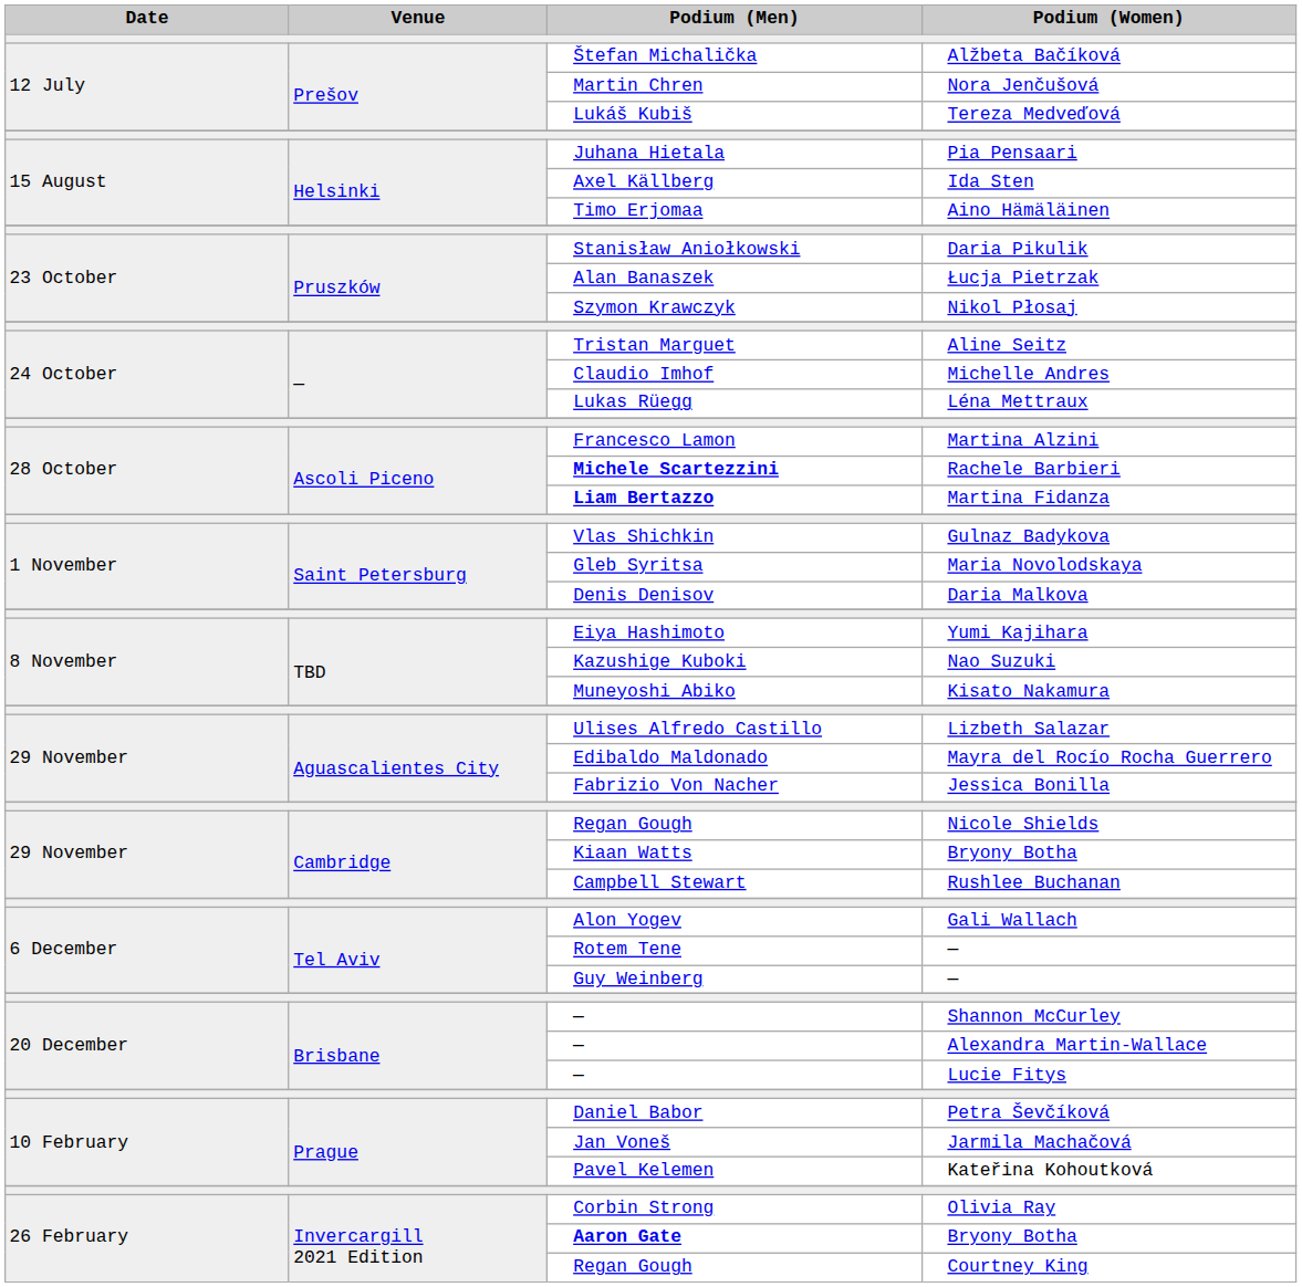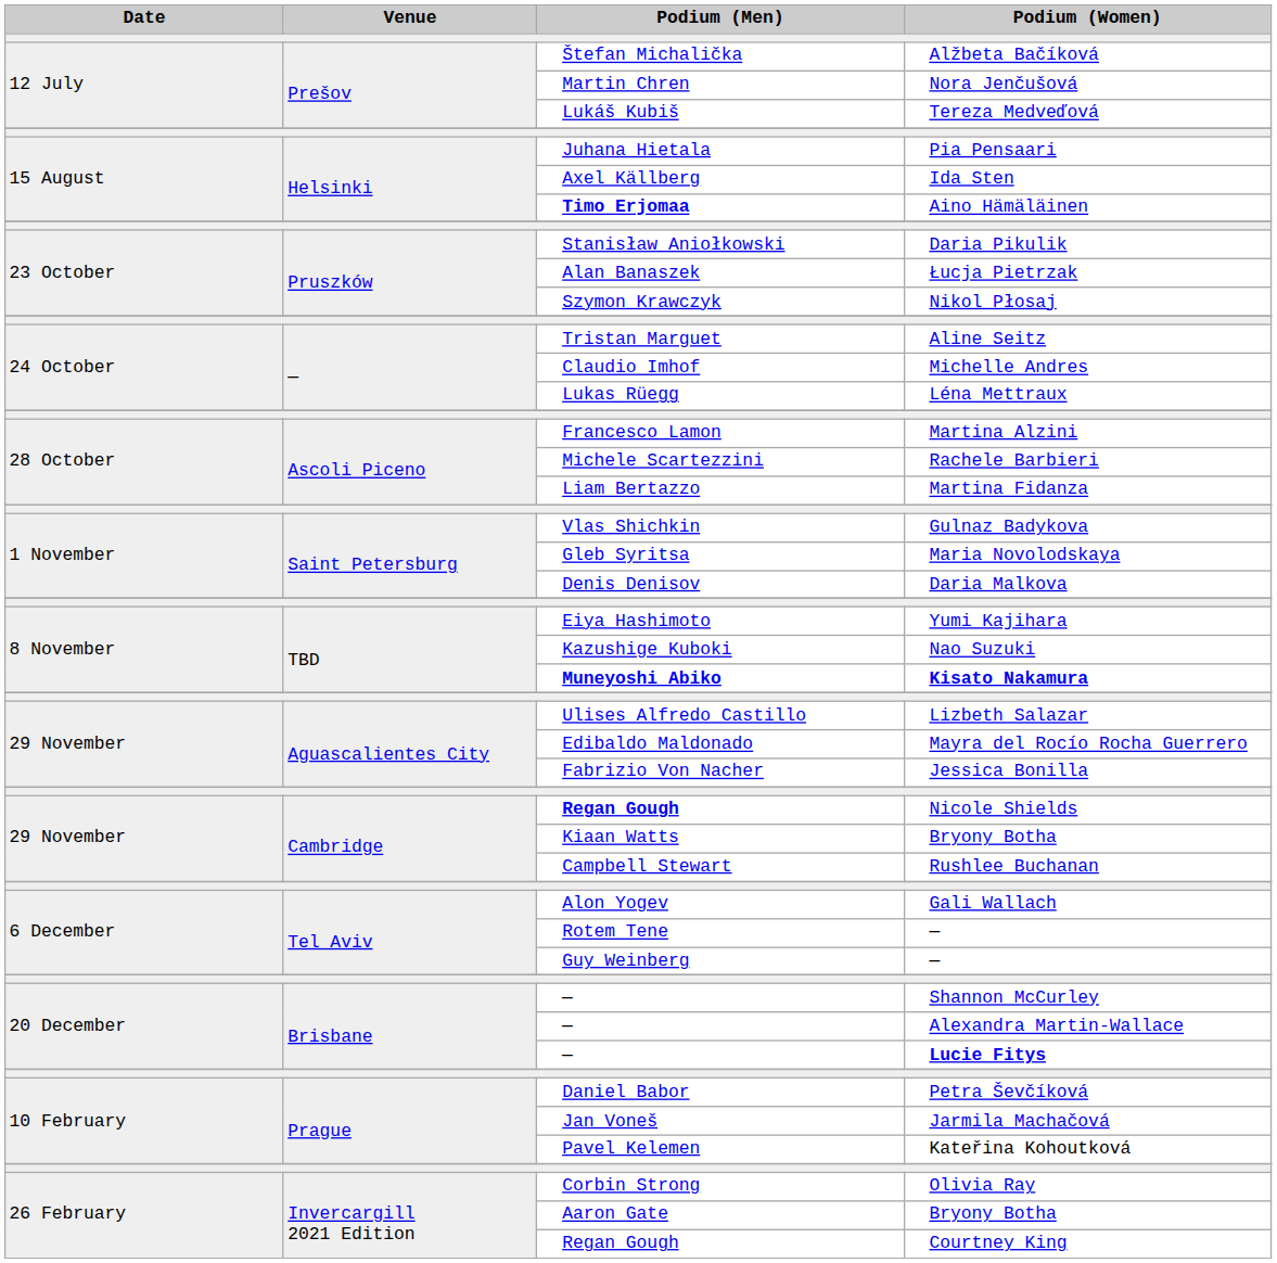 <table class="wikitable" width=70% bgcolor="#f7f8ff" cellpadding="3" cellspacing="0" border="1" style="font-size: 95%; border: gray solid 1px; border-collapse: collapse;">
 <tr bgcolor="#CCCCCC">
 <td align="center"><strong>Date</strong></td>
 <td width=20% align="center"><strong>Venue</strong></td>
 <td width=29% align="center"><strong>Podium (Men)</strong></td>
 <td width=29% align="center"><strong>Podium (Women)</strong></td>
 </tr>
 <tr bgcolor="#EFEFEF">
 <td colspan=4></td>
 </tr>
 <tr bgcolor="#EFEFEF">
 <td rowspan=3>12 July</td>
 <td rowspan=3><br><a href='#'>Prešov</a></td>
 <td bgcolor="#ffffff">   <a href='#'>Štefan Michalička</a></td>
 <td bgcolor="#ffffff">   <a href='#'>Alžbeta Bačíková</a></td>
 </tr>
 <tr>
 <td bgcolor="#ffffff">   <a href='#'>Martin Chren</a></td>
 <td bgcolor="#ffffff">   <a href='#'>Nora Jenčušová</a></td>
 </tr>
 <tr>
 <td bgcolor="#ffffff">   <a href='#'>Lukáš Kubiš</a></td>
 <td bgcolor="#ffffff">   <a href='#'>Tereza Medveďová</a></td>
 </tr>
 <tr>
 </tr>
 <tr bgcolor="#EFEFEF">
 <td colspan=4></td>
 </tr>
 <tr bgcolor="#EFEFEF">
 <td rowspan=3>15 August</td>
 <td rowspan=3><br><a href='#'>Helsinki</a></td>
 <td bgcolor="#ffffff">   <a href='#'>Juhana Hietala</a></td>
 <td bgcolor="#ffffff">   <a href='#'>Pia Pensaari</a></td>
 </tr>
 <tr>
 <td bgcolor="#ffffff">   <a href='#'>Axel Källberg</a></td>
 <td bgcolor="#ffffff">   <a href='#'>Ida Sten</a></td>
 </tr>
 <tr>
-<td bgcolor="#ffffff">   <a href='#'>Timo Erjomaa</a></td>
+<td bgcolor="#ffffff"><strong>   <a href='#'>Timo Erjomaa</a></strong></td>
 <td bgcolor="#ffffff">   <a href='#'>Aino Hämäläinen</a></td>
 </tr>
 <tr>
 </tr>
 <tr bgcolor="#EFEFEF">
 <td colspan=4></td>
 </tr>
 <tr bgcolor="#EFEFEF">
 <td rowspan=3>23 October</td>
 <td rowspan=3><br><a href='#'>Pruszków</a></td>
 <td bgcolor="#ffffff">   <a href='#'>Stanisław Aniołkowski</a></td>
 <td bgcolor="#ffffff">   <a href='#'>Daria Pikulik</a></td>
 </tr>
 <tr>
 <td bgcolor="#ffffff">   <a href='#'>Alan Banaszek</a></td>
 <td bgcolor="#ffffff">   <a href='#'>Łucja Pietrzak</a></td>
 </tr>
 <tr>
 <td bgcolor="#ffffff">   <a href='#'>Szymon Krawczyk</a></td>
 <td bgcolor="#ffffff">   <a href='#'>Nikol Płosaj</a></td>
 </tr>
 <tr>
 </tr>
 <tr bgcolor="#EFEFEF">
 <td colspan=4></td>
 </tr>
 <tr bgcolor="#EFEFEF">
 <td rowspan=3>24 October</td>
 <td rowspan=3><br>—</td>
 <td bgcolor="#ffffff">   <a href='#'>Tristan Marguet</a></td>
 <td bgcolor="#ffffff">   <a href='#'>Aline Seitz</a></td>
 </tr>
 <tr>
 <td bgcolor="#ffffff">   <a href='#'>Claudio Imhof</a></td>
 <td bgcolor="#ffffff">   <a href='#'>Michelle Andres</a></td>
 </tr>
 <tr>
 <td bgcolor="#ffffff">   <a href='#'>Lukas Rüegg</a></td>
 <td bgcolor="#ffffff">   <a href='#'>Léna Mettraux</a></td>
 </tr>
 <tr>
 </tr>
 <tr bgcolor="#EFEFEF">
 <td colspan=4></td>
 </tr>
 <tr bgcolor="#EFEFEF">
 <td rowspan=3>28 October</td>
 <td rowspan=3><br><a href='#'>Ascoli Piceno</a></td>
 <td bgcolor="#ffffff">   <a href='#'>Francesco Lamon</a></td>
 <td bgcolor="#ffffff">   <a href='#'>Martina Alzini</a></td>
 </tr>
 <tr>
-<td bgcolor="#ffffff"><strong>   <a href='#'>Michele Scartezzini</a></strong></td>
+<td bgcolor="#ffffff">   <a href='#'>Michele Scartezzini</a></td>
 <td bgcolor="#ffffff">   <a href='#'>Rachele Barbieri</a></td>
 </tr>
 <tr>
-<td bgcolor="#ffffff"><strong>   <a href='#'>Liam Bertazzo</a></strong></td>
+<td bgcolor="#ffffff">   <a href='#'>Liam Bertazzo</a></td>
 <td bgcolor="#ffffff">   <a href='#'>Martina Fidanza</a></td>
 </tr>
 <tr>
 </tr>
 <tr bgcolor="#EFEFEF">
 <td colspan=4></td>
 </tr>
 <tr bgcolor="#EFEFEF">
 <td rowspan=3>1 November</td>
 <td rowspan=3><br><a href='#'>Saint Petersburg</a></td>
 <td bgcolor="#ffffff">   <a href='#'>Vlas Shichkin</a></td>
 <td bgcolor="#ffffff">   <a href='#'>Gulnaz Badykova</a></td>
 </tr>
 <tr>
 <td bgcolor="#ffffff">   <a href='#'>Gleb Syritsa</a></td>
 <td bgcolor="#ffffff">   <a href='#'>Maria Novolodskaya</a></td>
 </tr>
 <tr>
 <td bgcolor="#ffffff">   <a href='#'>Denis Denisov</a></td>
 <td bgcolor="#ffffff">   <a href='#'>Daria Malkova</a></td>
 </tr>
 <tr>
 </tr>
 <tr bgcolor="#EFEFEF">
 <td colspan=4></td>
 </tr>
 <tr bgcolor="#EFEFEF">
 <td rowspan=3>8 November</td>
 <td rowspan=3><br>TBD</td>
 <td bgcolor="#ffffff">   <a href='#'>Eiya Hashimoto</a></td>
 <td bgcolor="#ffffff">   <a href='#'>Yumi Kajihara</a></td>
 </tr>
 <tr>
 <td bgcolor="#ffffff">   <a href='#'>Kazushige Kuboki</a></td>
 <td bgcolor="#ffffff">   <a href='#'>Nao Suzuki</a></td>
 </tr>
 <tr>
-<td bgcolor="#ffffff">   <a href='#'>Muneyoshi Abiko</a></td>
-<td bgcolor="#ffffff">   <a href='#'>Kisato Nakamura</a></td>
+<td bgcolor="#ffffff"><strong>   <a href='#'>Muneyoshi Abiko</a></strong></td>
+<td bgcolor="#ffffff"><strong>   <a href='#'>Kisato Nakamura</a></strong></td>
 </tr>
 <tr>
 </tr>
 <tr bgcolor="#EFEFEF">
 <td colspan=4></td>
 </tr>
 <tr bgcolor="#EFEFEF">
 <td rowspan=3>29 November</td>
 <td rowspan=3><br><a href='#'>Aguascalientes City</a></td>
 <td bgcolor="#ffffff">   <a href='#'>Ulises Alfredo Castillo</a></td>
 <td bgcolor="#ffffff">   <a href='#'>Lizbeth Salazar</a></td>
 </tr>
 <tr>
 <td bgcolor="#ffffff">   <a href='#'>Edibaldo Maldonado</a></td>
 <td bgcolor="#ffffff">   <a href='#'>Mayra del Rocío Rocha Guerrero</a></td>
 </tr>
 <tr>
 <td bgcolor="#ffffff">   <a href='#'>Fabrizio Von Nacher</a></td>
 <td bgcolor="#ffffff">   <a href='#'>Jessica Bonilla</a></td>
 </tr>
 <tr>
 </tr>
 <tr bgcolor="#EFEFEF">
 <td colspan=4></td>
 </tr>
 <tr bgcolor="#EFEFEF">
 <td rowspan=3>29 November</td>
 <td rowspan=3><br><a href='#'>Cambridge</a></td>
-<td bgcolor="#ffffff">   <a href='#'>Regan Gough</a></td>
+<td bgcolor="#ffffff"><strong>   <a href='#'>Regan Gough</a></strong></td>
 <td bgcolor="#ffffff">   <a href='#'>Nicole Shields</a></td>
 </tr>
 <tr>
 <td bgcolor="#ffffff">   <a href='#'>Kiaan Watts</a></td>
 <td bgcolor="#ffffff">   <a href='#'>Bryony Botha</a></td>
 </tr>
 <tr>
 <td bgcolor="#ffffff">   <a href='#'>Campbell Stewart</a></td>
 <td bgcolor="#ffffff">   <a href='#'>Rushlee Buchanan</a></td>
 </tr>
 <tr>
 </tr>
 <tr bgcolor="#EFEFEF">
 <td colspan=4></td>
 </tr>
 <tr bgcolor="#EFEFEF">
 <td rowspan=3>6 December</td>
 <td rowspan=3><br><a href='#'>Tel Aviv</a></td>
 <td bgcolor="#ffffff">   <a href='#'>Alon Yogev</a></td>
 <td bgcolor="#ffffff">   <a href='#'>Gali Wallach</a></td>
 </tr>
 <tr>
 <td bgcolor="#ffffff">   <a href='#'>Rotem Tene</a></td>
 <td bgcolor="#ffffff">   —</td>
 </tr>
 <tr>
 <td bgcolor="#ffffff">   <a href='#'>Guy Weinberg</a></td>
 <td bgcolor="#ffffff">   —</td>
 </tr>
 <tr>
 </tr>
 <tr bgcolor="#EFEFEF">
 <td colspan=4></td>
 </tr>
 <tr bgcolor="#EFEFEF">
 <td rowspan=3>20 December</td>
 <td rowspan=3><br><a href='#'>Brisbane</a></td>
 <td bgcolor="#ffffff">   —</td>
 <td bgcolor="#ffffff">   <a href='#'>Shannon McCurley</a></td>
 </tr>
 <tr>
 <td bgcolor="#ffffff">   —</td>
 <td bgcolor="#ffffff">   <a href='#'>Alexandra Martin-Wallace</a></td>
 </tr>
 <tr>
 <td bgcolor="#ffffff">   —</td>
-<td bgcolor="#ffffff">   <a href='#'>Lucie Fitys</a></td>
+<td bgcolor="#ffffff"><strong>   <a href='#'>Lucie Fitys</a></strong></td>
 </tr>
 <tr>
 </tr>
 <tr bgcolor="#EFEFEF">
 <td colspan=4></td>
 </tr>
 <tr bgcolor="#EFEFEF">
 <td rowspan=3>10 February</td>
 <td rowspan=3><br><a href='#'>Prague</a></td>
 <td bgcolor="#ffffff">   <a href='#'>Daniel Babor</a></td>
 <td bgcolor="#ffffff">   <a href='#'>Petra Ševčíková</a></td>
 </tr>
 <tr>
 <td bgcolor="#ffffff">   <a href='#'>Jan Voneš</a></td>
 <td bgcolor="#ffffff">   <a href='#'>Jarmila Machačová</a></td>
 </tr>
 <tr>
 <td bgcolor="#ffffff">   <a href='#'>Pavel Kelemen</a></td>
 <td bgcolor="#ffffff">   Kateřina Kohoutková</td>
 </tr>
 <tr>
 </tr>
 <tr bgcolor="#EFEFEF">
 <td colspan=4></td>
 </tr>
 <tr bgcolor="#EFEFEF">
 <td rowspan=3>26 February</td>
 <td rowspan=3><br><a href='#'>Invercargill</a><br>2021 Edition</td>
 <td bgcolor="#ffffff">   <a href='#'>Corbin Strong</a></td>
 <td bgcolor="#ffffff">   <a href='#'>Olivia Ray</a></td>
 </tr>
 <tr>
-<td bgcolor="#ffffff"><strong>   <a href='#'>Aaron Gate</a></strong></td>
+<td bgcolor="#ffffff">   <a href='#'>Aaron Gate</a></td>
 <td bgcolor="#ffffff">   <a href='#'>Bryony Botha</a></td>
 </tr>
 <tr>
 <td bgcolor="#ffffff">   <a href='#'>Regan Gough</a></td>
 <td bgcolor="#ffffff">   <a href='#'>Courtney King</a></td>
 </tr>
 </table>
